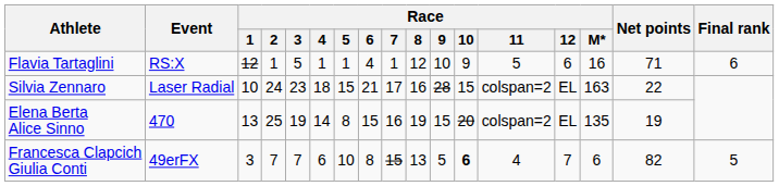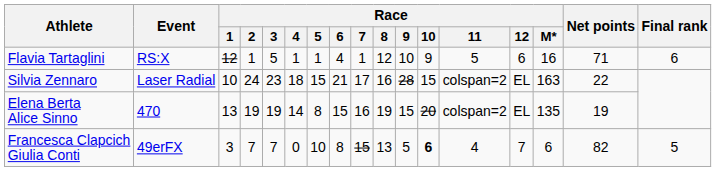 <table class="wikitable" style="font-size:90%">
 <tr>
 <th rowspan="2">Athlete</th>
 <th rowspan="2">Event</th>
 <th colspan=13>Race</th>
 <th rowspan=2>Net points</th>
 <th rowspan=2>Final rank</th>
 </tr>
 <tr style="font-size:95%">
 <th>1</th>
 <th>2</th>
 <th>3</th>
 <th>4</th>
 <th>5</th>
 <th>6</th>
 <th>7</th>
 <th>8</th>
 <th>9</th>
 <th>10</th>
 <th>11</th>
 <th>12</th>
 <th>M*</th>
 </tr>
 <tr align=center>
 <td align=left><a href='#'>Flavia Tartaglini</a></td>
 <td align=left><a href='#'>RS:X</a></td>
 <td><s>12</s></td>
 <td>1</td>
 <td>5</td>
 <td>1</td>
 <td>1</td>
 <td>4</td>
 <td>1</td>
 <td>12</td>
 <td>10</td>
 <td>9</td>
 <td>5</td>
 <td>6</td>
 <td>16</td>
 <td>71</td>
 <td>6</td>
 </tr>
 <tr align=center>
 <td align=left><a href='#'>Silvia Zennaro</a></td>
 <td align=left><a href='#'>Laser Radial</a></td>
 <td>10</td>
 <td>24</td>
 <td>23</td>
 <td>18</td>
 <td>15</td>
 <td>21</td>
 <td>17</td>
 <td>16</td>
 <td><s>28</s></td>
 <td>15</td>
 <td>colspan=2 </td>
 <td>EL</td>
 <td>163</td>
 <td>22</td>
 </tr>
 <tr align=center>
 <td align=left><a href='#'>Elena Berta</a><br><a href='#'>Alice Sinno</a></td>
 <td align=left><a href='#'>470</a></td>
 <td>13</td>
-<td>25</td>
+<td>19</td>
 <td>19</td>
 <td>14</td>
 <td>8</td>
 <td>15</td>
 <td>16</td>
 <td>19</td>
 <td>15</td>
 <td><s>20</s></td>
 <td>colspan=2 </td>
 <td>EL</td>
 <td>135</td>
 <td>19</td>
 </tr>
 <tr align=center>
 <td align=left><a href='#'>Francesca Clapcich</a><br><a href='#'>Giulia Conti</a></td>
 <td align=left><a href='#'>49erFX</a></td>
 <td>3</td>
 <td>7</td>
 <td>7</td>
-<td>6</td>
+<td>0</td>
 <td>10</td>
 <td>8</td>
 <td><s>15</s></td>
 <td>13</td>
 <td>5</td>
 <td><strong>6</strong></td>
 <td>4</td>
 <td>7</td>
 <td>6</td>
 <td>82</td>
 <td>5</td>
 </tr>
 </table>
